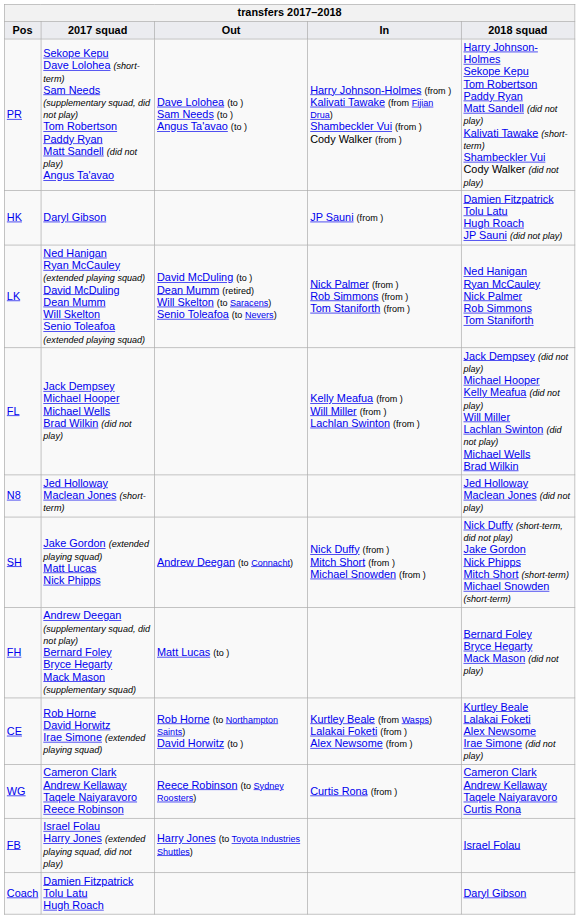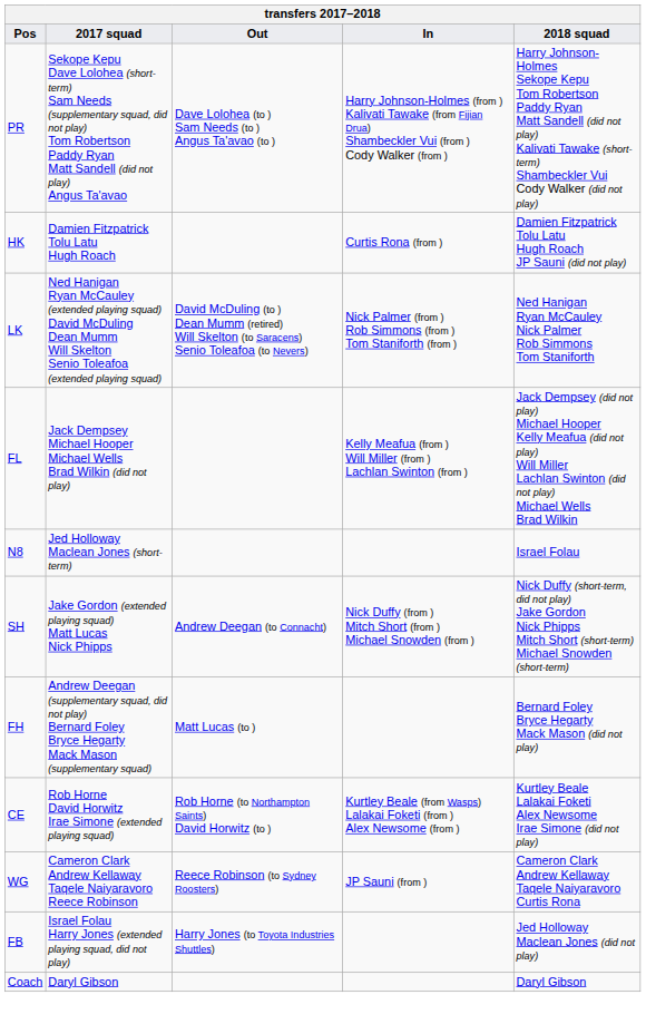 <table class="wikitable" style="text-align: left; width:95%">
 <tr>
 <th colspan="100%"> transfers 2017–2018</th>
 </tr>
 <tr>
 <th style="background:#ebecf0; width:6%;">Pos</th>
 <th style="background:#ebecf0; width:20%;">2017 squad</th>
 <th style="background:#ebecf0; width:27%;">Out</th>
 <th style="background:#ebecf0; width:27%;">In</th>
 <th style="background:#ebecf0; width:20%;">2018 squad</th>
 </tr>
 <tr>
 <td><a href='#'>PR</a></td>
 <td> <a href='#'>Sekope Kepu</a> <br> <a href='#'>Dave Lolohea</a> <small><em>(short-term)</em></small> <br> <a href='#'>Sam Needs</a> <small><em>(supplementary squad, did not play)</em></small> <br> <a href='#'>Tom Robertson</a> <br> <a href='#'>Paddy Ryan</a> <br> <a href='#'>Matt Sandell</a> <small><em>(did not play)</em></small> <br> <a href='#'>Angus Ta'avao</a></td>
 <td>  <a href='#'>Dave Lolohea</a> <small>(to )</small> <br>  <a href='#'>Sam Needs</a> <small>(to )</small> <br>  <a href='#'>Angus Ta'avao</a> <small>(to )</small></td>
 <td>  <a href='#'>Harry Johnson-Holmes</a> <small>(from )</small> <br>  <a href='#'>Kalivati Tawake</a> <small>(from  <a href='#'>Fijian Drua</a>)</small> <br>  <a href='#'>Shambeckler Vui</a> <small>(from )</small> <br>  Cody Walker <small>(from )</small></td>
 <td> <a href='#'>Harry Johnson-Holmes</a> <br> <a href='#'>Sekope Kepu</a> <br> <a href='#'>Tom Robertson</a> <br> <a href='#'>Paddy Ryan</a> <br> <a href='#'>Matt Sandell</a> <small><em>(did not play)</em></small> <br> <a href='#'>Kalivati Tawake</a> <small><em>(short-term)</em></small> <br> <a href='#'>Shambeckler Vui</a> <br> Cody Walker <small><em>(did not play)</em></small></td>
 </tr>
 <tr>
 <td><a href='#'>HK</a></td>
-<td> <a href='#'>Daryl Gibson</a></td>
+<td> <a href='#'>Damien Fitzpatrick</a> <br> <a href='#'>Tolu Latu</a> <br> <a href='#'>Hugh Roach</a></td>
 <td></td>
-<td>  <a href='#'>JP Sauni</a> <small>(from )</small></td>
+<td>  <a href='#'>Curtis Rona</a> <small>(from )</small></td>
 <td> <a href='#'>Damien Fitzpatrick</a> <br> <a href='#'>Tolu Latu</a> <br> <a href='#'>Hugh Roach</a> <br> <a href='#'>JP Sauni</a> <small><em>(did not play)</em></small></td>
 </tr>
 <tr>
 <td><a href='#'>LK</a></td>
 <td> <a href='#'>Ned Hanigan</a> <br> <a href='#'>Ryan McCauley</a> <small><em>(extended playing squad)</em></small> <br> <a href='#'>David McDuling</a> <br> <a href='#'>Dean Mumm</a> <br> <a href='#'>Will Skelton</a> <br> <a href='#'>Senio Toleafoa</a> <small><em>(extended playing squad)</em></small></td>
 <td>  <a href='#'>David McDuling</a> <small>(to )</small> <br>  <a href='#'>Dean Mumm</a> <small>(retired)</small> <br>  <a href='#'>Will Skelton</a> <small>(to  <a href='#'>Saracens</a>)</small> <br>  <a href='#'>Senio Toleafoa</a> <small>(to  <a href='#'>Nevers</a>)</small></td>
 <td>  <a href='#'>Nick Palmer</a> <small>(from )</small> <br>  <a href='#'>Rob Simmons</a> <small>(from )</small> <br>  <a href='#'>Tom Staniforth</a> <small>(from )</small></td>
 <td> <a href='#'>Ned Hanigan</a> <br> <a href='#'>Ryan McCauley</a> <br> <a href='#'>Nick Palmer</a> <br> <a href='#'>Rob Simmons</a> <br> <a href='#'>Tom Staniforth</a></td>
 </tr>
 <tr>
 <td><a href='#'>FL</a></td>
 <td> <a href='#'>Jack Dempsey</a> <br> <a href='#'>Michael Hooper</a> <br> <a href='#'>Michael Wells</a> <br> <a href='#'>Brad Wilkin</a> <small><em>(did not play)</em></small></td>
 <td></td>
 <td>  <a href='#'>Kelly Meafua</a> <small>(from )</small> <br>  <a href='#'>Will Miller</a> <small>(from )</small> <br>  <a href='#'>Lachlan Swinton</a> <small>(from )</small></td>
 <td> <a href='#'>Jack Dempsey</a> <small><em>(did not play)</em></small> <br> <a href='#'>Michael Hooper</a> <br> <a href='#'>Kelly Meafua</a> <small><em>(did not play)</em></small> <br> <a href='#'>Will Miller</a> <br> <a href='#'>Lachlan Swinton</a> <small><em>(did not play)</em></small> <br> <a href='#'>Michael Wells</a> <br> <a href='#'>Brad Wilkin</a></td>
 </tr>
 <tr>
 <td><a href='#'>N8</a></td>
 <td> <a href='#'>Jed Holloway</a> <br> <a href='#'>Maclean Jones</a> <small><em>(short-term)</em></small></td>
 <td></td>
 <td></td>
-<td> <a href='#'>Jed Holloway</a> <br> <a href='#'>Maclean Jones</a> <small><em>(did not play)</em></small></td>
+<td> <a href='#'>Israel Folau</a></td>
 </tr>
 <tr>
 <td><a href='#'>SH</a></td>
 <td> <a href='#'>Jake Gordon</a> <small><em>(extended playing squad)</em></small> <br> <a href='#'>Matt Lucas</a> <br> <a href='#'>Nick Phipps</a></td>
 <td>  <a href='#'>Andrew Deegan</a> <small>(to  <a href='#'>Connacht</a>)</small></td>
 <td>  <a href='#'>Nick Duffy</a> <small>(from )</small> <br>  <a href='#'>Mitch Short</a> <small>(from )</small> <br>  <a href='#'>Michael Snowden</a> <small>(from )</small></td>
 <td> <a href='#'>Nick Duffy</a> <small><em>(short-term, did not play)</em></small> <br> <a href='#'>Jake Gordon</a> <br> <a href='#'>Nick Phipps</a> <br> <a href='#'>Mitch Short</a> <small><em>(short-term)</em></small> <br> <a href='#'>Michael Snowden</a> <small><em>(short-term)</em></small></td>
 </tr>
 <tr>
 <td><a href='#'>FH</a></td>
 <td> <a href='#'>Andrew Deegan</a> <small><em>(supplementary squad, did not play)</em></small> <br> <a href='#'>Bernard Foley</a> <br> <a href='#'>Bryce Hegarty</a> <br> <a href='#'>Mack Mason</a> <small><em>(supplementary squad)</em></small></td>
 <td>  <a href='#'>Matt Lucas</a> <small>(to )</small></td>
 <td></td>
 <td> <a href='#'>Bernard Foley</a> <br> <a href='#'>Bryce Hegarty</a> <br> <a href='#'>Mack Mason</a> <small><em>(did not play)</em></small></td>
 </tr>
 <tr>
 <td><a href='#'>CE</a></td>
 <td> <a href='#'>Rob Horne</a> <br> <a href='#'>David Horwitz</a> <br> <a href='#'>Irae Simone</a> <small><em>(extended playing squad)</em></small></td>
 <td>  <a href='#'>Rob Horne</a> <small>(to  <a href='#'>Northampton Saints</a>)</small> <br>  <a href='#'>David Horwitz</a> <small>(to )</small></td>
 <td>  <a href='#'>Kurtley Beale</a> <small>(from  <a href='#'>Wasps</a>)</small> <br>  <a href='#'>Lalakai Foketi</a> <small>(from )</small> <br>  <a href='#'>Alex Newsome</a> <small>(from )</small></td>
 <td> <a href='#'>Kurtley Beale</a> <br> <a href='#'>Lalakai Foketi</a> <br> <a href='#'>Alex Newsome</a> <br> <a href='#'>Irae Simone</a> <small><em>(did not play)</em></small></td>
 </tr>
 <tr>
 <td><a href='#'>WG</a></td>
 <td> <a href='#'>Cameron Clark</a> <br> <a href='#'>Andrew Kellaway</a> <br> <a href='#'>Taqele Naiyaravoro</a> <br> <a href='#'>Reece Robinson</a></td>
 <td>  <a href='#'>Reece Robinson</a> <small>(to <a href='#'>Sydney Roosters</a>)</small></td>
-<td>  <a href='#'>Curtis Rona</a> <small>(from )</small></td>
+<td>  <a href='#'>JP Sauni</a> <small>(from )</small></td>
 <td> <a href='#'>Cameron Clark</a> <br> <a href='#'>Andrew Kellaway</a> <br> <a href='#'>Taqele Naiyaravoro</a> <br> <a href='#'>Curtis Rona</a></td>
 </tr>
 <tr>
 <td><a href='#'>FB</a></td>
 <td> <a href='#'>Israel Folau</a> <br> <a href='#'>Harry Jones</a> <small><em>(extended playing squad, did not play)</em></small></td>
 <td>  <a href='#'>Harry Jones</a> <small>(to  <a href='#'>Toyota Industries Shuttles</a>)</small></td>
 <td></td>
-<td> <a href='#'>Israel Folau</a></td>
+<td> <a href='#'>Jed Holloway</a> <br> <a href='#'>Maclean Jones</a> <small><em>(did not play)</em></small></td>
 </tr>
 <tr>
 <td><a href='#'>Coach</a></td>
-<td> <a href='#'>Damien Fitzpatrick</a> <br> <a href='#'>Tolu Latu</a> <br> <a href='#'>Hugh Roach</a></td>
+<td> <a href='#'>Daryl Gibson</a></td>
 <td></td>
 <td></td>
 <td> <a href='#'>Daryl Gibson</a></td>
 </tr>
 </table>
